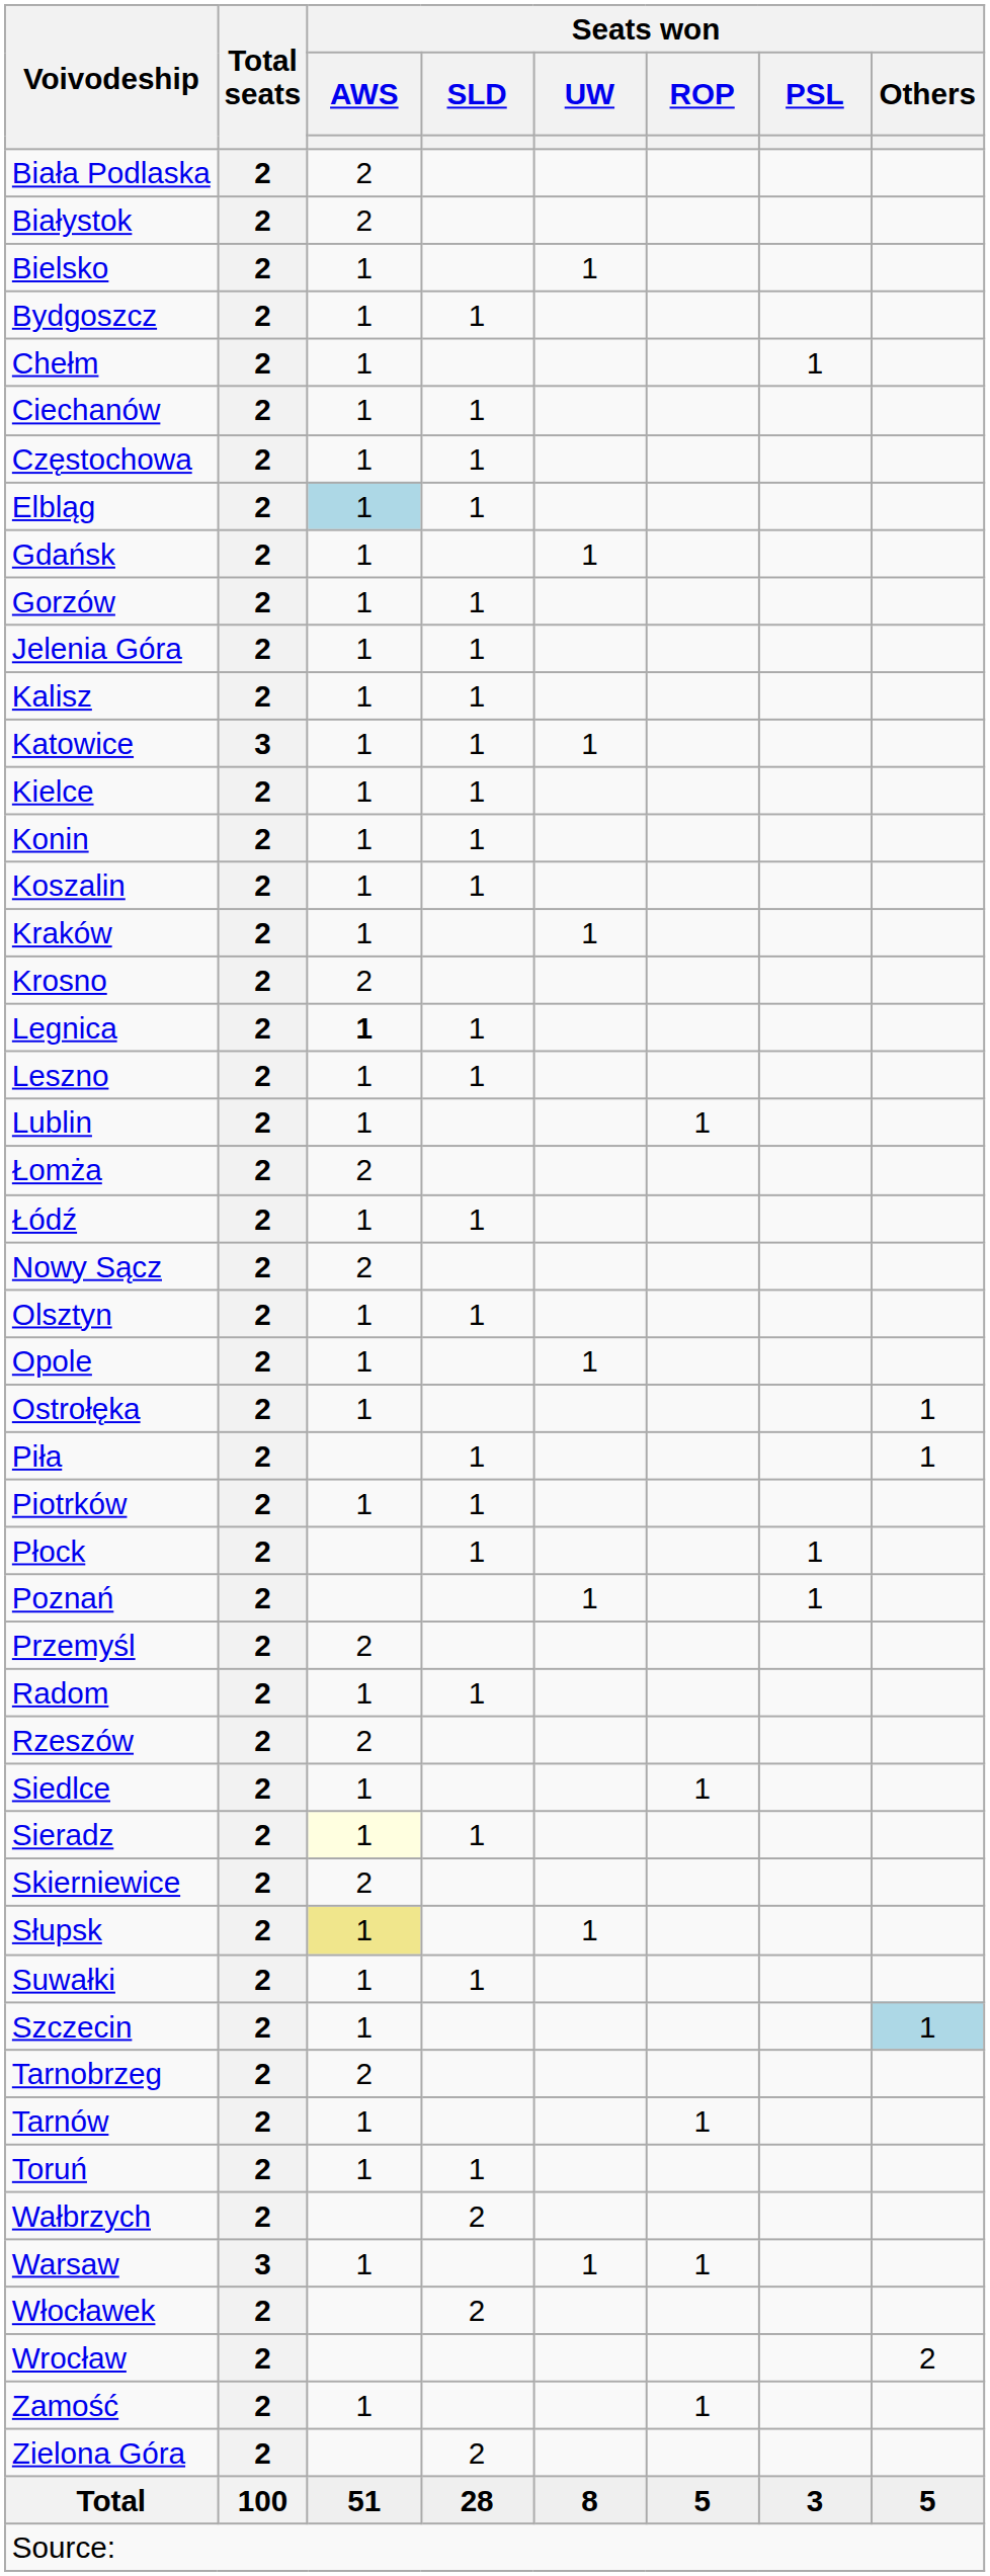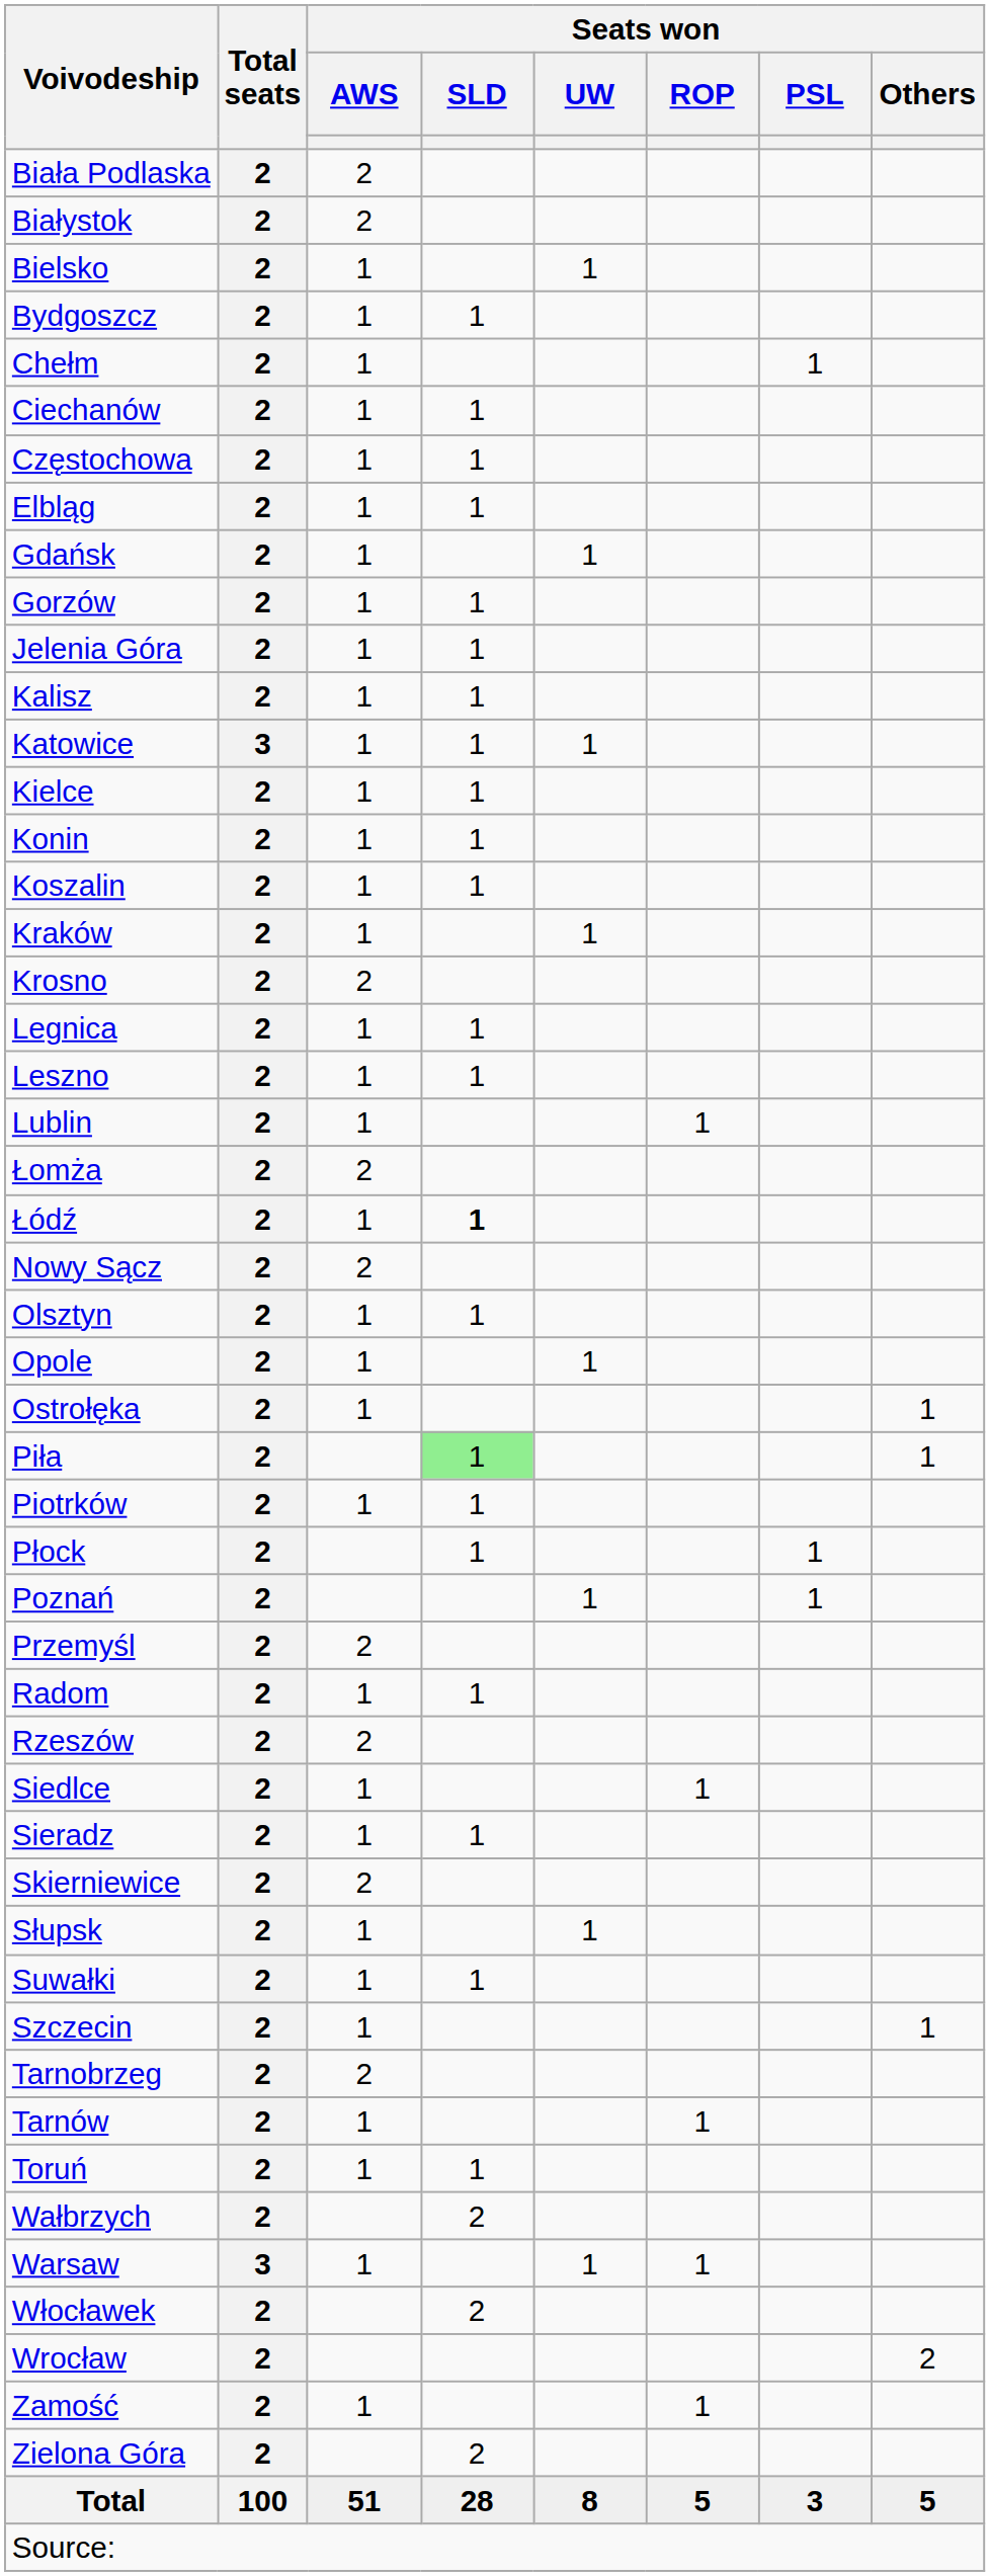 <table class="wikitable" style="text-align:center; font-size:95%">
 <tr>
 <th rowspan="3">Voivodeship</th>
 <th rowspan="3" style="width:25px;">Total seats</th>
 <th colspan="6">Seats won</th>
 </tr>
 <tr style="height:42px; text-align:center; background-color:#E9E9E9;">
 <th style="width:50px;"><a href='#'>AWS</a></th>
 <th style="width:50px;"><a href='#'>SLD</a></th>
 <th style="width:50px;"><a href='#'>UW</a></th>
 <th style="width:50px;"><a href='#'>ROP</a></th>
 <th style="width:50px;"><a href='#'>PSL</a></th>
 <th style="width:50px;">Others</th>
 </tr>
 <tr>
 <th style="background:"></th>
 <th style="background:"></th>
 <th style="background:"></th>
 <th style="background:"></th>
 <th style="background:"></th>
 <th style="background:"></th>
 </tr>
 <tr>
 <td align="left"><a href='#'>Biała Podlaska</a></td>
 <th>2</th>
 <td>2</td>
 <td></td>
 <td></td>
 <td></td>
 <td></td>
 <td></td>
 </tr>
 <tr>
 <td align="left"><a href='#'>Białystok</a></td>
 <th>2</th>
 <td>2</td>
 <td></td>
 <td></td>
 <td></td>
 <td></td>
 <td></td>
 </tr>
 <tr>
 <td align="left"><a href='#'>Bielsko</a></td>
 <th>2</th>
 <td>1</td>
 <td></td>
 <td>1</td>
 <td></td>
 <td></td>
 <td></td>
 </tr>
 <tr>
 <td align="left"><a href='#'>Bydgoszcz</a></td>
 <th>2</th>
 <td>1</td>
 <td>1</td>
 <td></td>
 <td></td>
 <td></td>
 <td></td>
 </tr>
 <tr>
 <td align="left"><a href='#'>Chełm</a></td>
 <th>2</th>
 <td>1</td>
 <td></td>
 <td></td>
 <td></td>
 <td>1</td>
 <td></td>
 </tr>
 <tr>
 <td align="left"><a href='#'>Ciechanów</a></td>
 <th>2</th>
 <td>1</td>
 <td>1</td>
 <td></td>
 <td></td>
 <td></td>
 <td></td>
 </tr>
 <tr>
 <td align="left"><a href='#'>Częstochowa</a></td>
 <th>2</th>
 <td>1</td>
 <td>1</td>
 <td></td>
 <td></td>
 <td></td>
 <td></td>
 </tr>
 <tr>
 <td align="left"><a href='#'>Elbląg</a></td>
 <th>2</th>
-<td style="background: lightblue;">1</td>
+<td>1</td>
 <td>1</td>
 <td></td>
 <td></td>
 <td></td>
 <td></td>
 </tr>
 <tr>
 <td align="left"><a href='#'>Gdańsk</a></td>
 <th>2</th>
 <td>1</td>
 <td></td>
 <td>1</td>
 <td></td>
 <td></td>
 <td></td>
 </tr>
 <tr>
 <td align="left"><a href='#'>Gorzów</a></td>
 <th>2</th>
 <td>1</td>
 <td>1</td>
 <td></td>
 <td></td>
 <td></td>
 <td></td>
 </tr>
 <tr>
 <td align="left"><a href='#'>Jelenia Góra</a></td>
 <th>2</th>
 <td>1</td>
 <td>1</td>
 <td></td>
 <td></td>
 <td></td>
 <td></td>
 </tr>
 <tr>
 <td align="left"><a href='#'>Kalisz</a></td>
 <th>2</th>
 <td>1</td>
 <td>1</td>
 <td></td>
 <td></td>
 <td></td>
 <td></td>
 </tr>
 <tr>
 <td align="left"><a href='#'>Katowice</a></td>
 <th>3</th>
 <td>1</td>
 <td>1</td>
 <td>1</td>
 <td></td>
 <td></td>
 <td></td>
 </tr>
 <tr>
 <td align="left"><a href='#'>Kielce</a></td>
 <th>2</th>
 <td>1</td>
 <td>1</td>
 <td></td>
 <td></td>
 <td></td>
 <td></td>
 </tr>
 <tr>
 <td align="left"><a href='#'>Konin</a></td>
 <th>2</th>
 <td>1</td>
 <td>1</td>
 <td></td>
 <td></td>
 <td></td>
 <td></td>
 </tr>
 <tr>
 <td align="left"><a href='#'>Koszalin</a></td>
 <th>2</th>
 <td>1</td>
 <td>1</td>
 <td></td>
 <td></td>
 <td></td>
 <td></td>
 </tr>
 <tr>
 <td align="left"><a href='#'>Kraków</a></td>
 <th>2</th>
 <td>1</td>
 <td></td>
 <td>1</td>
 <td></td>
 <td></td>
 <td></td>
 </tr>
 <tr>
 <td align="left"><a href='#'>Krosno</a></td>
 <th>2</th>
 <td>2</td>
 <td></td>
 <td></td>
 <td></td>
 <td></td>
 <td></td>
 </tr>
 <tr>
 <td align="left"><a href='#'>Legnica</a></td>
 <th>2</th>
-<td><strong>1</strong></td>
+<td>1</td>
 <td>1</td>
 <td></td>
 <td></td>
 <td></td>
 <td></td>
 </tr>
 <tr>
 <td align="left"><a href='#'>Leszno</a></td>
 <th>2</th>
 <td>1</td>
 <td>1</td>
 <td></td>
 <td></td>
 <td></td>
 <td></td>
 </tr>
 <tr>
 <td align="left"><a href='#'>Lublin</a></td>
 <th>2</th>
 <td>1</td>
 <td></td>
 <td></td>
 <td>1</td>
 <td></td>
 <td></td>
 </tr>
 <tr>
 <td align="left"><a href='#'>Łomża</a></td>
 <th>2</th>
 <td>2</td>
 <td></td>
 <td></td>
 <td></td>
 <td></td>
 <td></td>
 </tr>
 <tr>
 <td align="left"><a href='#'>Łódź</a></td>
 <th>2</th>
 <td>1</td>
-<td>1</td>
+<td><strong>1</strong></td>
 <td></td>
 <td></td>
 <td></td>
 <td></td>
 </tr>
 <tr>
 <td align="left"><a href='#'>Nowy Sącz</a></td>
 <th>2</th>
 <td>2</td>
 <td></td>
 <td></td>
 <td></td>
 <td></td>
 <td></td>
 </tr>
 <tr>
 <td align="left"><a href='#'>Olsztyn</a></td>
 <th>2</th>
 <td>1</td>
 <td>1</td>
 <td></td>
 <td></td>
 <td></td>
 <td></td>
 </tr>
 <tr>
 <td align="left"><a href='#'>Opole</a></td>
 <th>2</th>
 <td>1</td>
 <td></td>
 <td>1</td>
 <td></td>
 <td></td>
 <td></td>
 </tr>
 <tr>
 <td align="left"><a href='#'>Ostrołęka</a></td>
 <th>2</th>
 <td>1</td>
 <td></td>
 <td></td>
 <td></td>
 <td></td>
 <td>1</td>
 </tr>
 <tr>
 <td align="left"><a href='#'>Piła</a></td>
 <th>2</th>
 <td></td>
-<td>1</td>
+<td style="background: lightgreen;">1</td>
 <td></td>
 <td></td>
 <td></td>
 <td>1</td>
 </tr>
 <tr>
 <td align="left"><a href='#'>Piotrków</a></td>
 <th>2</th>
 <td>1</td>
 <td>1</td>
 <td></td>
 <td></td>
 <td></td>
 <td></td>
 </tr>
 <tr>
 <td align="left"><a href='#'>Płock</a></td>
 <th>2</th>
 <td></td>
 <td>1</td>
 <td></td>
 <td></td>
 <td>1</td>
 <td></td>
 </tr>
 <tr>
 <td align="left"><a href='#'>Poznań</a></td>
 <th>2</th>
 <td></td>
 <td></td>
 <td>1</td>
 <td></td>
 <td>1</td>
 <td></td>
 </tr>
 <tr>
 <td align="left"><a href='#'>Przemyśl</a></td>
 <th>2</th>
 <td>2</td>
 <td></td>
 <td></td>
 <td></td>
 <td></td>
 <td></td>
 </tr>
 <tr>
 <td align="left"><a href='#'>Radom</a></td>
 <th>2</th>
 <td>1</td>
 <td>1</td>
 <td></td>
 <td></td>
 <td></td>
 <td></td>
 </tr>
 <tr>
 <td align="left"><a href='#'>Rzeszów</a></td>
 <th>2</th>
 <td>2</td>
 <td></td>
 <td></td>
 <td></td>
 <td></td>
 <td></td>
 </tr>
 <tr>
 <td align="left"><a href='#'>Siedlce</a></td>
 <th>2</th>
 <td>1</td>
 <td></td>
 <td></td>
 <td>1</td>
 <td></td>
 <td></td>
 </tr>
 <tr>
 <td align="left"><a href='#'>Sieradz</a></td>
 <th>2</th>
-<td style="background: lightyellow;">1</td>
+<td>1</td>
 <td>1</td>
 <td></td>
 <td></td>
 <td></td>
 <td></td>
 </tr>
 <tr>
 <td align="left"><a href='#'>Skierniewice</a></td>
 <th>2</th>
 <td>2</td>
 <td></td>
 <td></td>
 <td></td>
 <td></td>
 <td></td>
 </tr>
 <tr>
 <td align="left"><a href='#'>Słupsk</a></td>
 <th>2</th>
-<td style="background: khaki;">1</td>
+<td>1</td>
 <td></td>
 <td>1</td>
 <td></td>
 <td></td>
 <td></td>
 </tr>
 <tr>
 <td align="left"><a href='#'>Suwałki</a></td>
 <th>2</th>
 <td>1</td>
 <td>1</td>
 <td></td>
 <td></td>
 <td></td>
 <td></td>
 </tr>
 <tr>
 <td align="left"><a href='#'>Szczecin</a></td>
 <th>2</th>
 <td>1</td>
 <td></td>
 <td></td>
 <td></td>
 <td></td>
-<td style="background: lightblue;">1</td>
+<td>1</td>
 </tr>
 <tr>
 <td align="left"><a href='#'>Tarnobrzeg</a></td>
 <th>2</th>
 <td>2</td>
 <td></td>
 <td></td>
 <td></td>
 <td></td>
 <td></td>
 </tr>
 <tr>
 <td align="left"><a href='#'>Tarnów</a></td>
 <th>2</th>
 <td>1</td>
 <td></td>
 <td></td>
 <td>1</td>
 <td></td>
 <td></td>
 </tr>
 <tr>
 <td align="left"><a href='#'>Toruń</a></td>
 <th>2</th>
 <td>1</td>
 <td>1</td>
 <td></td>
 <td></td>
 <td></td>
 <td></td>
 </tr>
 <tr>
 <td align="left"><a href='#'>Wałbrzych</a></td>
 <th>2</th>
 <td></td>
 <td>2</td>
 <td></td>
 <td></td>
 <td></td>
 <td></td>
 </tr>
 <tr>
 <td align="left"><a href='#'>Warsaw</a></td>
 <th>3</th>
 <td>1</td>
 <td></td>
 <td>1</td>
 <td>1</td>
 <td></td>
 <td></td>
 </tr>
 <tr>
 <td align="left"><a href='#'>Włocławek</a></td>
 <th>2</th>
 <td></td>
 <td>2</td>
 <td></td>
 <td></td>
 <td></td>
 <td></td>
 </tr>
 <tr>
 <td align="left"><a href='#'>Wrocław</a></td>
 <th>2</th>
 <td></td>
 <td></td>
 <td></td>
 <td></td>
 <td></td>
 <td>2</td>
 </tr>
 <tr>
 <td align="left"><a href='#'>Zamość</a></td>
 <th>2</th>
 <td>1</td>
 <td></td>
 <td></td>
 <td>1</td>
 <td></td>
 <td></td>
 </tr>
 <tr>
 <td align="left"><a href='#'>Zielona Góra</a></td>
 <th>2</th>
 <td></td>
 <td>2</td>
 <td></td>
 <td></td>
 <td></td>
 <td></td>
 </tr>
 <tr style="background:#EFEFEF; font-weight:bold;">
 <th align="center">Total</th>
 <th>100</th>
 <td>51</td>
 <td>28</td>
 <td>8</td>
 <td>5</td>
 <td>3</td>
 <td>5</td>
 </tr>
 <tr>
 <td colspan="8" align=left>Source: </td>
 </tr>
 </table>
